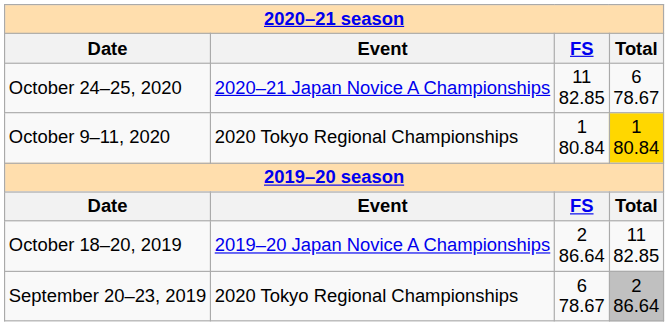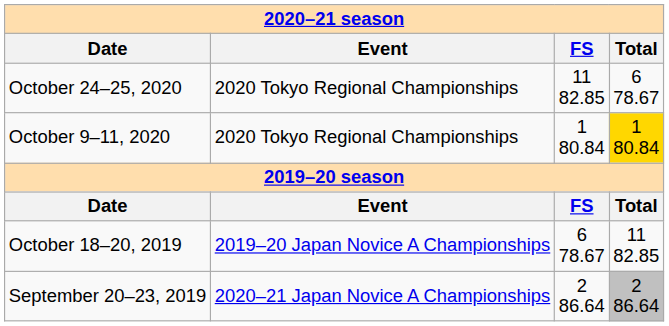 <table class="wikitable">
 <tr>
 <th style="background-color: #ffdead; " colspan=6 align=center><a href='#'>2020–21 season</a></th>
 </tr>
 <tr>
 <th>Date</th>
 <th>Event</th>
 <th><a href='#'>FS</a></th>
 <th>Total</th>
 </tr>
 <tr>
 <td>October 24–25, 2020</td>
-<td><a href='#'>2020–21 Japan Novice A Championships</a></td>
+<td>2020 Tokyo Regional Championships</td>
 <td align=center>11 <br> 82.85</td>
 <td align=center>6 <br> 78.67</td>
 </tr>
 <tr>
 <td>October 9–11, 2020</td>
 <td>2020 Tokyo Regional Championships</td>
 <td align=center>1 <br> 80.84</td>
 <td align=center bgcolor=gold>1 <br> 80.84</td>
 </tr>
 <tr>
 <th style="background-color: #ffdead; " colspan=6 align=center><a href='#'>2019–20 season</a></th>
 </tr>
 <tr>
 <th>Date</th>
 <th>Event</th>
 <th><a href='#'>FS</a></th>
 <th>Total</th>
 </tr>
 <tr>
 <td>October 18–20, 2019</td>
 <td><a href='#'>2019–20 Japan Novice A Championships</a></td>
-<td align=center>2 <br> 86.64</td>
+<td align=center>6 <br> 78.67</td>
 <td align=center>11 <br> 82.85</td>
 </tr>
 <tr>
 <td>September 20–23, 2019</td>
-<td>2020 Tokyo Regional Championships</td>
-<td align=center>6 <br> 78.67</td>
+<td><a href='#'>2020–21 Japan Novice A Championships</a></td>
+<td align=center>2 <br> 86.64</td>
 <td align=center bgcolor=silver>2 <br> 86.64</td>
 </tr>
 </table>
